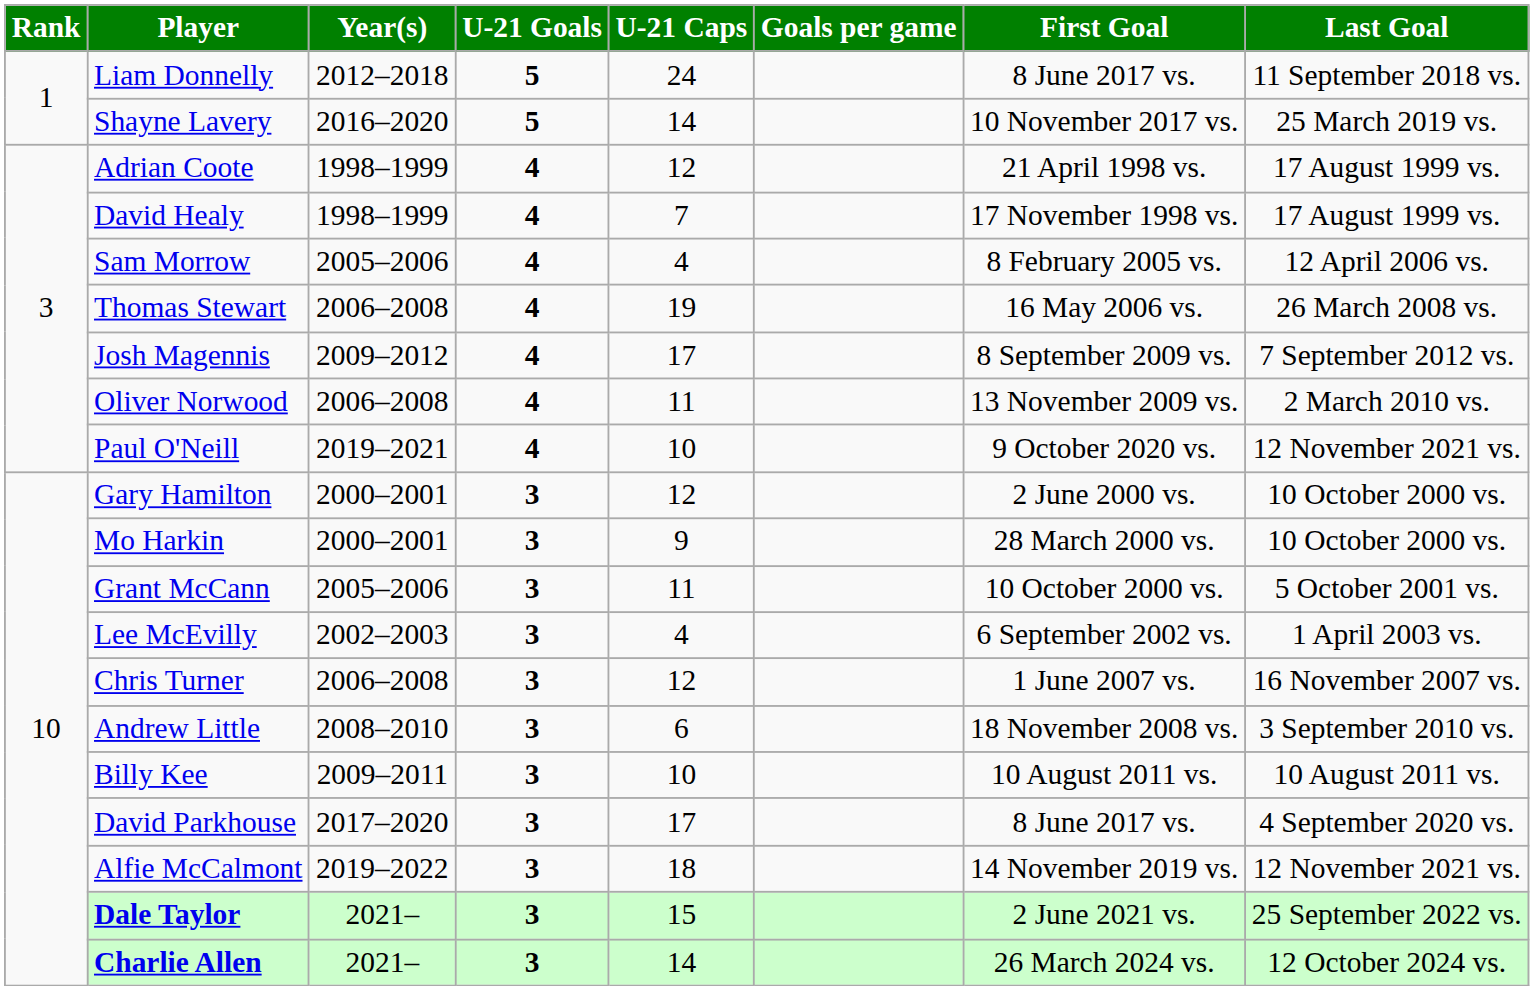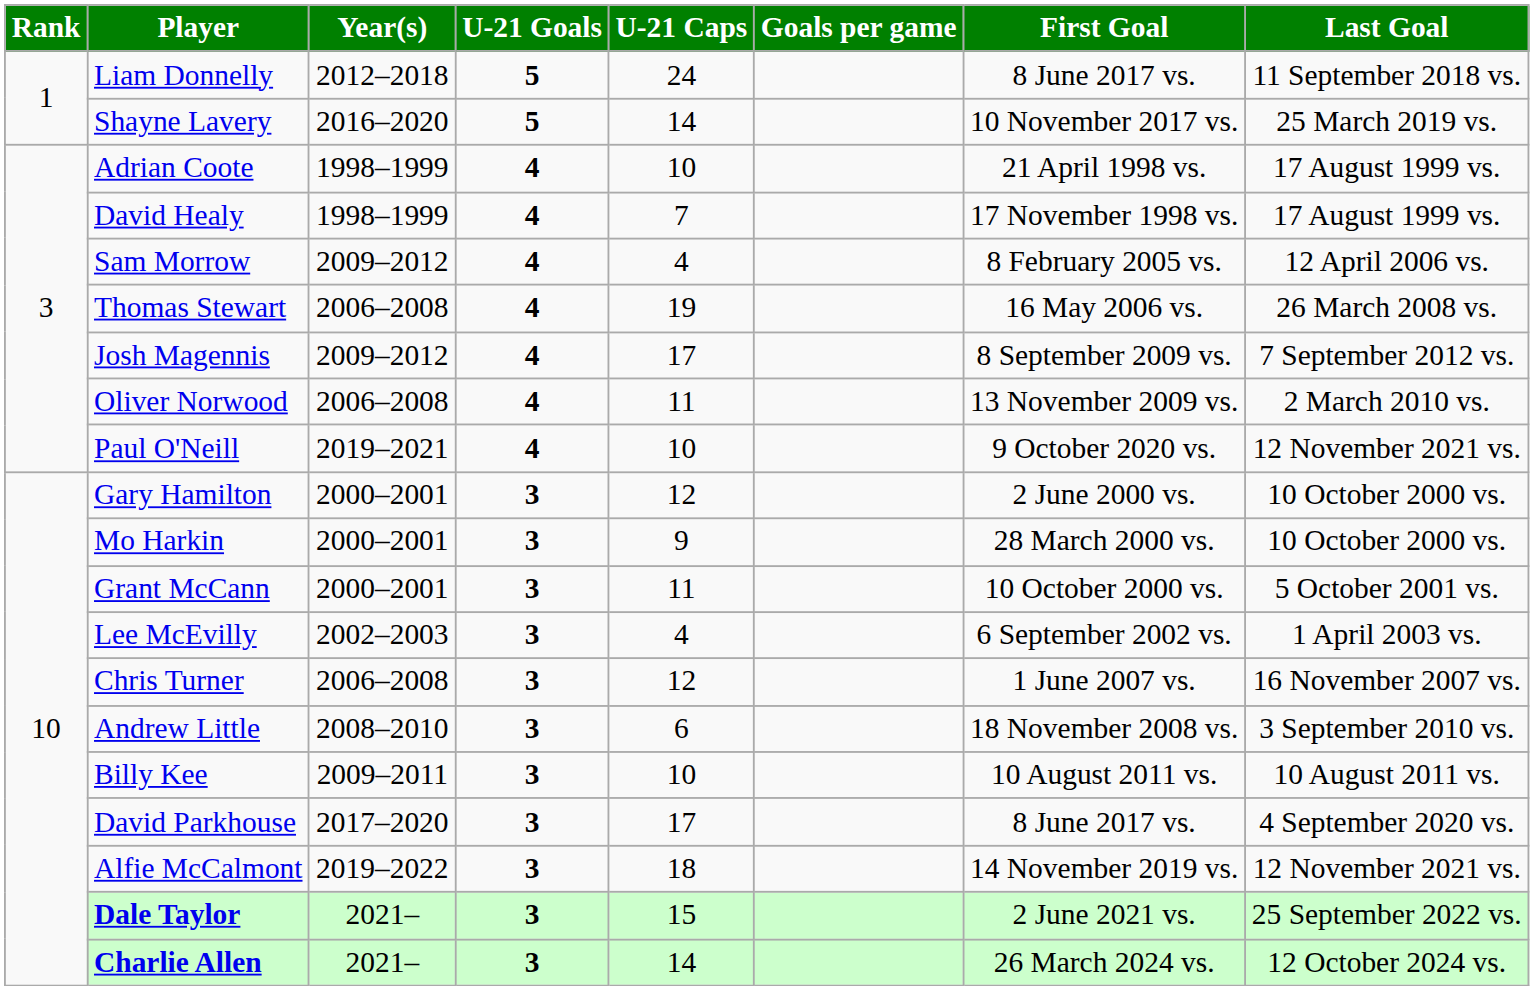 <table class="wikitable sortable" style="text-align: center;">
 <tr>
 <th style="background-color:#008000; color:white; ">Rank</th>
 <th style="background-color:#008000; color:white; ">Player</th>
 <th style="background-color:#008000; color:white; ">Year(s)</th>
 <th style="background-color:#008000; color:white; ">U-21 Goals</th>
 <th style="background-color:#008000; color:white; ">U-21 Caps</th>
 <th style="background-color:#008000; color:white; ">Goals per game</th>
 <th style="background-color:#008000; color:white; ">First Goal</th>
 <th style="background-color:#008000; color:white; ">Last Goal</th>
 </tr>
 <tr>
 <td rowspan="2">1</td>
 <td style="text-align:left;"><a href='#'>Liam Donnelly</a></td>
 <td>2012–2018</td>
 <td><strong>5</strong></td>
 <td>24</td>
 <td></td>
 <td>8 June 2017 vs. </td>
 <td>11 September 2018 vs. </td>
 </tr>
 <tr>
 <td style="text-align:left;"><a href='#'>Shayne Lavery</a></td>
 <td>2016–2020</td>
 <td><strong>5</strong></td>
 <td>14</td>
 <td></td>
 <td>10 November 2017 vs. </td>
 <td>25 March 2019 vs. </td>
 </tr>
 <tr>
 <td rowspan="7">3</td>
 <td style="text-align:left;"><a href='#'>Adrian Coote</a></td>
 <td>1998–1999</td>
 <td><strong>4</strong></td>
-<td>12</td>
+<td>10</td>
 <td></td>
 <td>21 April 1998 vs. </td>
 <td>17 August 1999 vs. </td>
 </tr>
 <tr>
 <td style="text-align:left;"><a href='#'>David Healy</a></td>
 <td>1998–1999</td>
 <td><strong>4</strong></td>
 <td>7</td>
 <td></td>
 <td>17 November 1998 vs. </td>
 <td>17 August 1999 vs. </td>
 </tr>
 <tr>
 <td style="text-align:left;"><a href='#'>Sam Morrow</a></td>
-<td>2005–2006</td>
+<td>2009–2012</td>
 <td><strong>4</strong></td>
 <td>4</td>
 <td></td>
 <td>8 February 2005 vs. </td>
 <td>12 April 2006 vs. </td>
 </tr>
 <tr>
 <td style="text-align:left;"><a href='#'>Thomas Stewart</a></td>
 <td>2006–2008</td>
 <td><strong>4</strong></td>
 <td>19</td>
 <td></td>
 <td>16 May 2006 vs. </td>
 <td>26 March 2008 vs. </td>
 </tr>
 <tr>
 <td style="text-align:left;"><a href='#'>Josh Magennis</a></td>
 <td>2009–2012</td>
 <td><strong>4</strong></td>
 <td>17</td>
 <td></td>
 <td>8 September 2009 vs. </td>
 <td>7 September 2012 vs. </td>
 </tr>
 <tr>
 <td style="text-align:left;"><a href='#'>Oliver Norwood</a></td>
 <td>2006–2008</td>
 <td><strong>4</strong></td>
 <td>11</td>
 <td></td>
 <td>13 November 2009 vs. </td>
 <td>2 March 2010 vs. </td>
 </tr>
 <tr>
 <td style="text-align:left;"><a href='#'>Paul O'Neill</a></td>
 <td>2019–2021</td>
 <td><strong>4</strong></td>
 <td>10</td>
 <td></td>
 <td>9 October 2020 vs. </td>
 <td>12 November 2021 vs. </td>
 </tr>
 <tr>
 <td rowspan="11">10</td>
 <td style="text-align:left;"><a href='#'>Gary Hamilton</a></td>
 <td>2000–2001</td>
 <td><strong>3</strong></td>
 <td>12</td>
 <td></td>
 <td>2 June 2000 vs. </td>
 <td>10 October 2000 vs. </td>
 </tr>
 <tr>
 <td style="text-align:left;"><a href='#'>Mo Harkin</a></td>
 <td>2000–2001</td>
 <td><strong>3</strong></td>
 <td>9</td>
 <td></td>
 <td>28 March 2000 vs. </td>
 <td>10 October 2000 vs. </td>
 </tr>
 <tr>
 <td style="text-align:left;"><a href='#'>Grant McCann</a></td>
-<td>2005–2006</td>
+<td>2000–2001</td>
 <td><strong>3</strong></td>
 <td>11</td>
 <td></td>
 <td>10 October 2000 vs. </td>
 <td>5 October 2001 vs. </td>
 </tr>
 <tr>
 <td style="text-align:left;"><a href='#'>Lee McEvilly</a></td>
 <td>2002–2003</td>
 <td><strong>3</strong></td>
 <td>4</td>
 <td></td>
 <td>6 September 2002 vs. </td>
 <td>1 April 2003 vs. </td>
 </tr>
 <tr>
 <td style="text-align:left;"><a href='#'>Chris Turner</a></td>
 <td>2006–2008</td>
 <td><strong>3</strong></td>
 <td>12</td>
 <td></td>
 <td>1 June 2007 vs. </td>
 <td>16 November 2007 vs. </td>
 </tr>
 <tr>
 <td style="text-align:left;"><a href='#'>Andrew Little</a></td>
 <td>2008–2010</td>
 <td><strong>3</strong></td>
 <td>6</td>
 <td></td>
 <td>18 November 2008 vs. </td>
 <td>3 September 2010 vs. </td>
 </tr>
 <tr>
 <td style="text-align:left;"><a href='#'>Billy Kee</a></td>
 <td>2009–2011</td>
 <td><strong>3</strong></td>
 <td>10</td>
 <td></td>
 <td>10 August 2011 vs. </td>
 <td>10 August 2011 vs. </td>
 </tr>
 <tr>
 <td style="text-align:left;"><a href='#'>David Parkhouse</a></td>
 <td>2017–2020</td>
 <td><strong>3</strong></td>
 <td>17</td>
 <td></td>
 <td>8 June 2017 vs. </td>
 <td>4 September 2020 vs. </td>
 </tr>
 <tr>
 <td style="text-align:left;"><a href='#'>Alfie McCalmont</a></td>
 <td>2019–2022</td>
 <td><strong>3</strong></td>
 <td>18</td>
 <td></td>
 <td>14 November 2019 vs. </td>
 <td>12 November 2021 vs. </td>
 </tr>
 <tr bgcolor=#CFC>
 <td style="text-align:left;"><strong><a href='#'>Dale Taylor</a></strong></td>
 <td>2021–</td>
 <td><strong>3</strong></td>
 <td>15</td>
 <td></td>
 <td>2 June 2021 vs. </td>
 <td>25 September 2022 vs. </td>
 </tr>
 <tr bgcolor=#CFC>
 <td style="text-align:left;"><strong><a href='#'>Charlie Allen</a></strong></td>
 <td>2021–</td>
 <td><strong>3</strong></td>
 <td>14</td>
 <td></td>
 <td>26 March 2024 vs. </td>
 <td>12 October 2024 vs. </td>
 </tr>
 </table>
